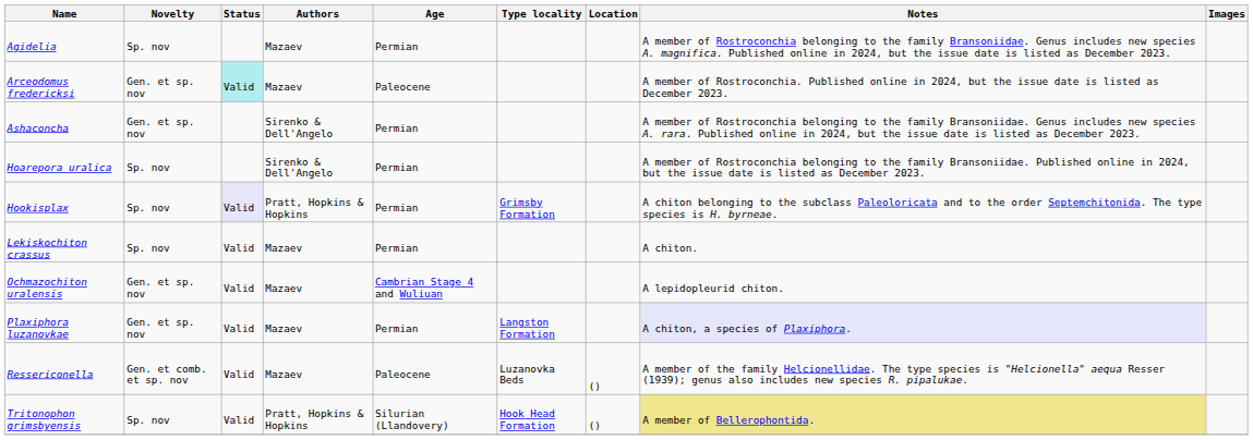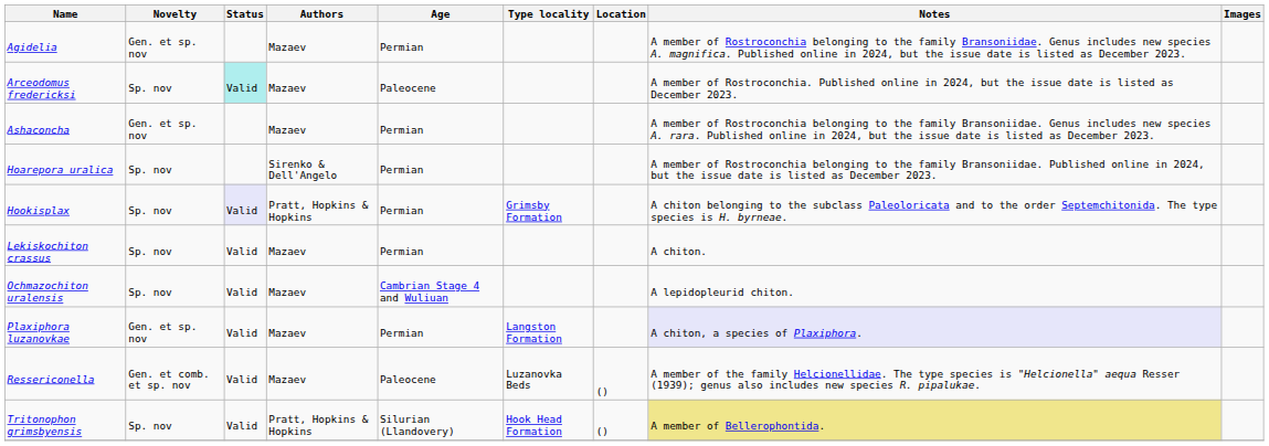 <table class="wikitable sortable" align="center" width="100%">
 <tr>
 <th>Name</th>
 <th>Novelty</th>
 <th>Status</th>
 <th>Authors</th>
 <th>Age</th>
 <th>Type locality</th>
 <th>Location</th>
 <th>Notes</th>
 <th>Images</th>
 </tr>
 <tr>
 <td><br><em><a href='#'>Agidelia</a></em></td>
-<td><br>Sp. nov</td>
+<td><br>Gen. et sp. nov</td>
 <td></td>
 <td><br>Mazaev</td>
 <td><br>Permian</td>
 <td></td>
 <td><br></td>
 <td><br>A member of <a href='#'>Rostroconchia</a> belonging to the family <a href='#'>Bransoniidae</a>. Genus includes new species <em>A. magnifica</em>. Published online in 2024, but the issue date is listed as December 2023.</td>
 <td></td>
 </tr>
 <tr>
 <td><br><em><a href='#'>Arceodomus fredericksi</a></em></td>
-<td><br>Gen. et sp. nov</td>
+<td><br>Sp. nov</td>
 <td style="background: paleturquoise;"><br>Valid</td>
 <td><br>Mazaev</td>
 <td><br>Paleocene</td>
 <td></td>
 <td><br></td>
 <td><br>A member of Rostroconchia. Published online in 2024, but the issue date is listed as December 2023.</td>
 <td></td>
 </tr>
 <tr>
 <td><br><em><a href='#'>Ashaconcha</a></em></td>
 <td><br>Gen. et sp. nov</td>
 <td></td>
-<td><br>Sirenko & Dell'Angelo</td>
+<td><br>Mazaev</td>
 <td><br>Permian</td>
 <td></td>
 <td><br></td>
 <td><br>A member of Rostroconchia belonging to the family Bransoniidae. Genus includes new species <em>A. rara</em>. Published online in 2024, but the issue date is listed as December 2023.</td>
 <td></td>
 </tr>
 <tr>
 <td><br><em><a href='#'>Hoarepora uralica</a></em></td>
 <td><br>Sp. nov</td>
 <td></td>
 <td><br>Sirenko & Dell'Angelo</td>
 <td><br>Permian</td>
 <td></td>
 <td><br></td>
 <td><br>A member of Rostroconchia belonging to the family Bransoniidae. Published online in 2024, but the issue date is listed as December 2023.</td>
 <td></td>
 </tr>
 <tr>
 <td><br><em><a href='#'>Hookisplax</a></em></td>
 <td><br>Sp. nov</td>
 <td style="background: lavender;"><br>Valid</td>
 <td><br>Pratt, Hopkins & Hopkins</td>
 <td><br>Permian</td>
 <td><br><a href='#'>Grimsby Formation</a></td>
 <td><br></td>
 <td><br>A chiton belonging to the subclass <a href='#'>Paleoloricata</a> and to the order <a href='#'>Septemchitonida</a>. The type species is <em>H. byrneae</em>.</td>
 <td></td>
 </tr>
 <tr>
 <td><br><em><a href='#'>Lekiskochiton crassus</a></em></td>
 <td><br>Sp. nov</td>
 <td><br>Valid</td>
 <td><br>Mazaev</td>
 <td><br>Permian</td>
 <td></td>
 <td><br></td>
 <td><br>A chiton.</td>
 <td></td>
 </tr>
 <tr>
 <td><br><em><a href='#'>Ochmazochiton uralensis</a></em></td>
-<td><br>Gen. et sp. nov</td>
+<td><br>Sp. nov</td>
 <td><br>Valid</td>
 <td><br>Mazaev</td>
 <td><br><a href='#'>Cambrian Stage 4</a> and <a href='#'>Wuliuan</a></td>
 <td></td>
 <td><br></td>
 <td><br>A lepidopleurid chiton.</td>
 <td></td>
 </tr>
 <tr>
 <td><br><em><a href='#'>Plaxiphora luzanovkae</a></em></td>
 <td><br>Gen. et sp. nov</td>
 <td><br>Valid</td>
 <td><br>Mazaev</td>
 <td><br>Permian</td>
 <td><br><a href='#'>Langston Formation</a></td>
 <td><br></td>
 <td style="background: lavender;"><br>A chiton, a species of <em><a href='#'>Plaxiphora</a></em>.</td>
 <td></td>
 </tr>
 <tr>
 <td><br><em><a href='#'>Ressericonella</a></em></td>
 <td><br>Gen. et comb. et sp. nov</td>
 <td><br>Valid</td>
 <td><br>Mazaev</td>
 <td><br>Paleocene</td>
 <td><br>Luzanovka Beds</td>
 <td><br><br> <br>()</td>
 <td><br>A member of the family <a href='#'>Helcionellidae</a>. The type species is <em>"Helcionella" aequa</em> Resser (1939); genus also includes new species <em>R. pipalukae</em>.</td>
 <td></td>
 </tr>
 <tr>
 <td><br><em><a href='#'>Tritonophon grimsbyensis</a></em></td>
 <td><br>Sp. nov</td>
 <td><br>Valid</td>
 <td><br>Pratt, Hopkins & Hopkins</td>
 <td><br>Silurian (Llandovery)</td>
 <td><br><a href='#'>Hook Head Formation</a></td>
 <td><br><br>()</td>
 <td style="background: khaki;"><br>A member of <a href='#'>Bellerophontida</a>.</td>
 <td></td>
 </tr>
 <tr>
 </tr>
 </table>
